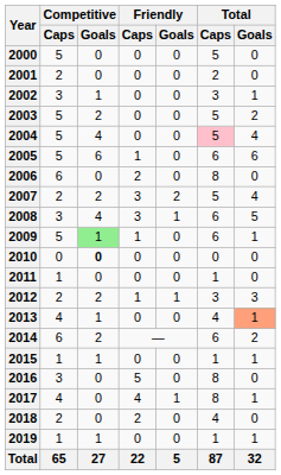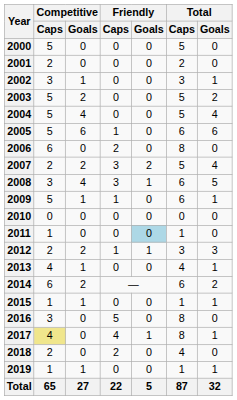 <table class="wikitable" style="text-align:center">
 <tr>
 <th scope="col" rowspan="2">Year</th>
 <th scope="colgroup" colspan="2">Competitive</th>
 <th scope="colgroup" colspan="2">Friendly</th>
 <th scope="colgroup" colspan="2">Total</th>
 </tr>
 <tr>
 <th scope="col">Caps</th>
 <th scope="col">Goals</th>
 <th scope="col">Caps</th>
 <th scope="col">Goals</th>
 <th scope="col">Caps</th>
 <th scope="col">Goals</th>
 </tr>
 <tr>
 <th scope="row">2000</th>
 <td>5</td>
 <td>0</td>
 <td>0</td>
 <td>0</td>
 <td>5</td>
 <td>0</td>
 </tr>
 <tr>
 <th scope="row">2001</th>
 <td>2</td>
 <td>0</td>
 <td>0</td>
 <td>0</td>
 <td>2</td>
 <td>0</td>
 </tr>
 <tr>
 <th scope="row">2002</th>
 <td>3</td>
 <td>1</td>
 <td>0</td>
 <td>0</td>
 <td>3</td>
 <td>1</td>
 </tr>
 <tr>
 <th scope="row">2003</th>
 <td>5</td>
 <td>2</td>
 <td>0</td>
 <td>0</td>
 <td>5</td>
 <td>2</td>
 </tr>
 <tr>
 <th scope="row">2004</th>
 <td>5</td>
 <td>4</td>
 <td>0</td>
 <td>0</td>
-<td style="background: pink;">5</td>
+<td>5</td>
 <td>4</td>
 </tr>
 <tr>
 <th scope="row">2005</th>
 <td>5</td>
 <td>6</td>
 <td>1</td>
 <td>0</td>
 <td>6</td>
 <td>6</td>
 </tr>
 <tr>
 <th scope="row">2006</th>
 <td>6</td>
 <td>0</td>
 <td>2</td>
 <td>0</td>
 <td>8</td>
 <td>0</td>
 </tr>
 <tr>
 <th scope="row">2007</th>
 <td>2</td>
 <td>2</td>
 <td>3</td>
 <td>2</td>
 <td>5</td>
 <td>4</td>
 </tr>
 <tr>
 <th scope="row">2008</th>
 <td>3</td>
 <td>4</td>
 <td>3</td>
 <td>1</td>
 <td>6</td>
 <td>5</td>
 </tr>
 <tr>
 <th scope="row">2009</th>
 <td>5</td>
-<td style="background: lightgreen;">1</td>
+<td>1</td>
 <td>1</td>
 <td>0</td>
 <td>6</td>
 <td>1</td>
 </tr>
 <tr>
 <th scope="row">2010</th>
 <td>0</td>
-<td><strong>0</strong></td>
+<td>0</td>
 <td>0</td>
 <td>0</td>
 <td>0</td>
 <td>0</td>
 </tr>
 <tr>
 <th scope="row">2011</th>
 <td>1</td>
 <td>0</td>
 <td>0</td>
-<td>0</td>
+<td style="background: lightblue;">0</td>
 <td>1</td>
 <td>0</td>
 </tr>
 <tr>
 <th scope="row">2012</th>
 <td>2</td>
 <td>2</td>
 <td>1</td>
 <td>1</td>
 <td>3</td>
 <td>3</td>
 </tr>
 <tr>
 <th scope="row">2013</th>
 <td>4</td>
 <td>1</td>
 <td>0</td>
 <td>0</td>
 <td>4</td>
-<td style="background: lightsalmon;">1</td>
+<td>1</td>
 </tr>
 <tr>
 <th scope="row">2014</th>
 <td>6</td>
 <td>2</td>
 <td colspan="2">—</td>
 <td>6</td>
 <td>2</td>
 </tr>
 <tr>
 <th scope="row">2015</th>
 <td>1</td>
 <td>1</td>
 <td>0</td>
 <td>0</td>
 <td>1</td>
 <td>1</td>
 </tr>
 <tr>
 <th scope="row">2016</th>
 <td>3</td>
 <td>0</td>
 <td>5</td>
 <td>0</td>
 <td>8</td>
 <td>0</td>
 </tr>
 <tr>
 <th scope="row">2017</th>
-<td>4</td>
+<td style="background: khaki;">4</td>
 <td>0</td>
 <td>4</td>
 <td>1</td>
 <td>8</td>
 <td>1</td>
 </tr>
 <tr>
 <th scope="row">2018</th>
 <td>2</td>
 <td>0</td>
 <td>2</td>
 <td>0</td>
 <td>4</td>
 <td>0</td>
 </tr>
 <tr>
 <th scope="row">2019</th>
 <td>1</td>
 <td>1</td>
 <td>0</td>
 <td>0</td>
 <td>1</td>
 <td>1</td>
 </tr>
 <tr>
 <th>Total</th>
 <th>65</th>
 <th>27</th>
 <th>22</th>
 <th>5</th>
 <th>87</th>
 <th>32</th>
 </tr>
 </table>
